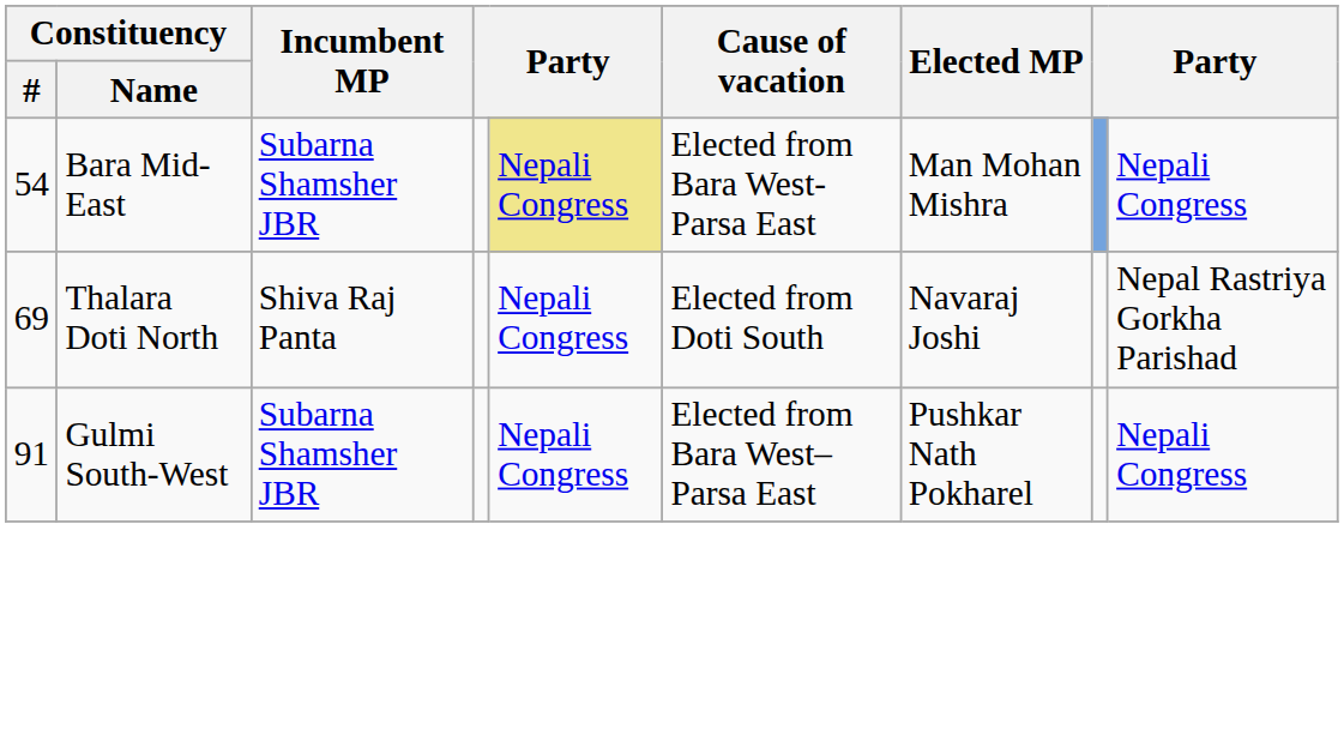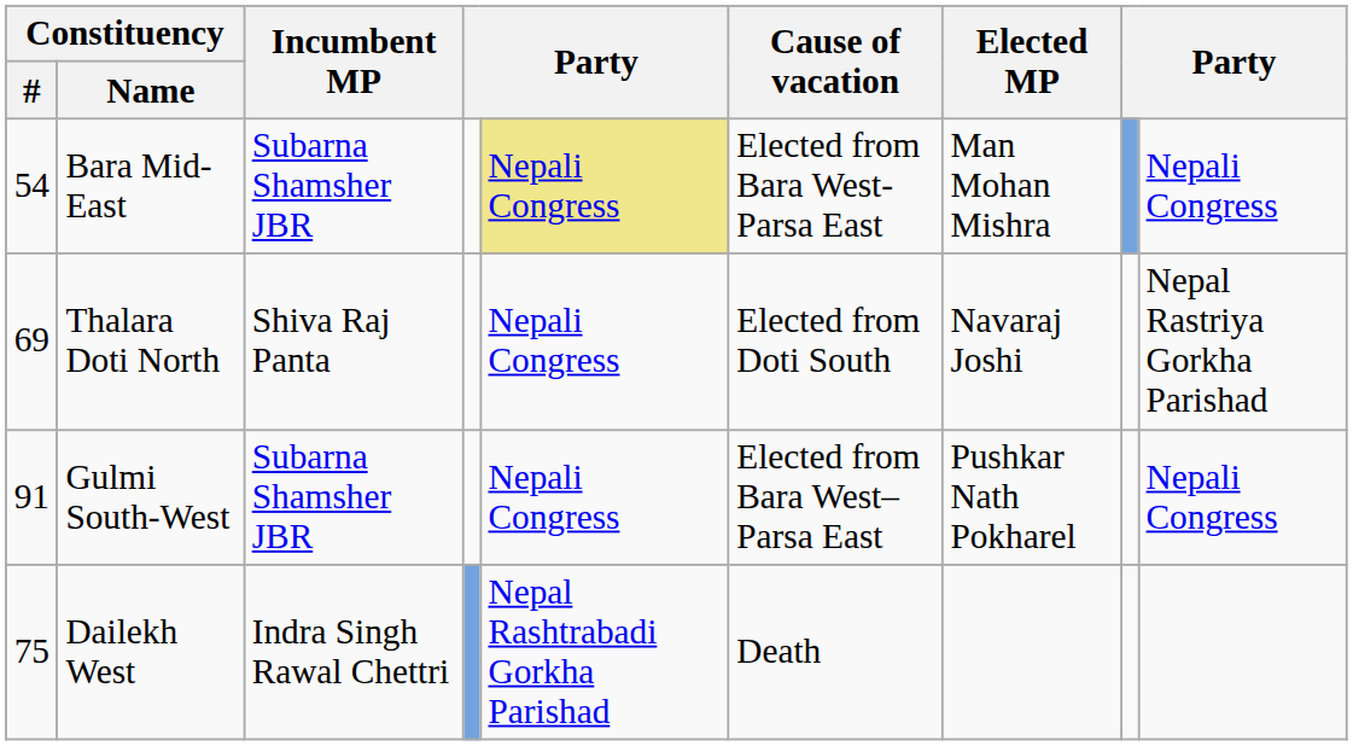 <table class="wikitable">
 <tr>
 <th colspan="2">Constituency</th>
 <th rowspan="2">Incumbent MP</th>
 <th colspan="2" rowspan="2">Party</th>
 <th rowspan="2">Cause of vacation</th>
 <th rowspan="2">Elected MP</th>
 <th colspan="2" rowspan="2">Party</th>
 </tr>
 <tr>
 <th>#</th>
 <th>Name</th>
 </tr>
 <tr>
 <td>54</td>
 <td>Bara Mid-East</td>
 <td><a href='#'>Subarna Shamsher JBR</a></td>
 <td></td>
 <td style="background: khaki;"><a href='#'>Nepali Congress</a></td>
 <td>Elected from Bara West-Parsa East</td>
 <td>Man Mohan Mishra</td>
 <td bgcolor="#73a3de"></td>
 <td><a href='#'>Nepali Congress</a></td>
 </tr>
 <tr>
 <td>69</td>
 <td>Thalara Doti North</td>
 <td>Shiva Raj Panta</td>
 <td></td>
 <td><a href='#'>Nepali Congress</a></td>
 <td>Elected from Doti South</td>
 <td>Navaraj Joshi</td>
 <td></td>
 <td>Nepal Rastriya Gorkha Parishad</td>
 </tr>
 <tr>
 <td>91</td>
 <td>Gulmi South-West</td>
 <td><a href='#'>Subarna Shamsher JBR</a></td>
 <td></td>
 <td><a href='#'>Nepali Congress</a></td>
 <td>Elected from Bara West–Parsa East</td>
 <td>Pushkar Nath Pokharel</td>
 <td></td>
 <td><a href='#'>Nepali Congress</a></td>
 </tr>
+<tr>
+<td>75</td>
+<td>Dailekh West</td>
+<td>Indra Singh Rawal Chettri</td>
+<td bgcolor="#73a3de"></td>
+<td><a href='#'>Nepal Rashtrabadi Gorkha Parishad</a></td>
+<td>Death</td>
+<td></td>
+<td></td>
+<td></td>
+</tr>
 </table>
